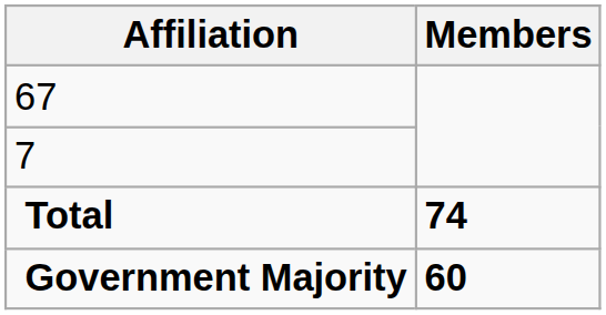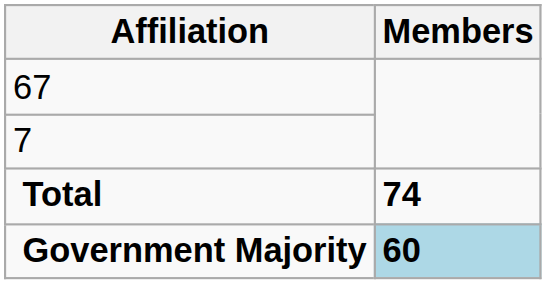 <table class="wikitable">
 <tr>
 <th colspan="2">Affiliation</th>
 <th>Members</th>
 </tr>
 <tr>
 <td>67</td>
 </tr>
 <tr>
 <td>7</td>
 </tr>
 <tr>
 <td colspan="2" rowspan="1" align=left> <strong>Total</strong><br></td>
 <td><strong>74</strong></td>
 </tr>
 <tr>
 <td colspan="2" rowspan="1" align=left> <strong>Government Majority</strong><br></td>
-<td><strong>60</strong></td>
+<td style="background: lightblue;"><strong>60</strong></td>
 </tr>
 </table>
